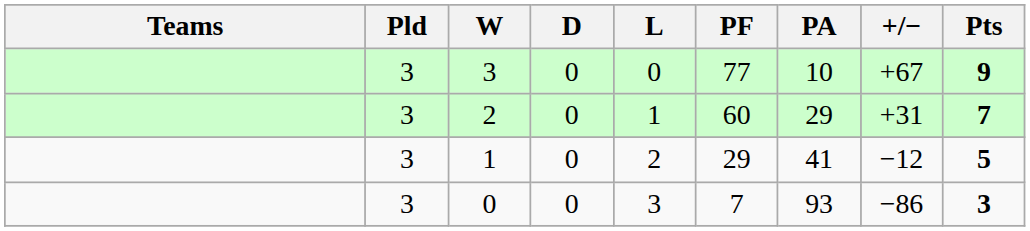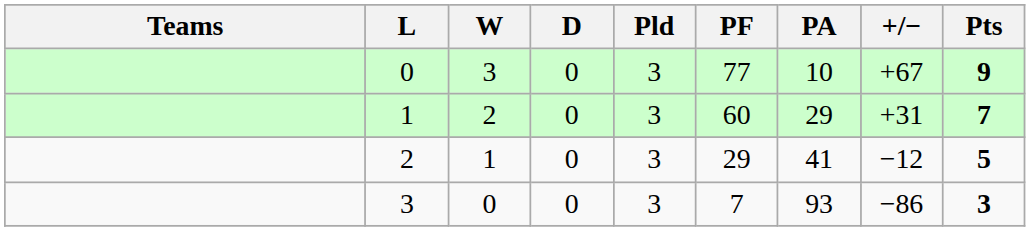 <table class="wikitable" style="text-align: center;">
 <tr>
 <th width="200">Teams</th>
-<th width="40">Pld</th>
+<th width="40">L</th>
 <th width="40">W</th>
 <th width="40">D</th>
-<th width="40">L</th>
+<th width="40">Pld</th>
 <th width="40">PF</th>
 <th width="40">PA</th>
 <th width="40">+/−</th>
 <th width="40">Pts</th>
 </tr>
 <tr bgcolor=ccffcc>
 <td align=left></td>
-<td>3</td>
+<td>0</td>
 <td>3</td>
 <td>0</td>
-<td>0</td>
+<td>3</td>
 <td>77</td>
 <td>10</td>
 <td>+67</td>
 <td><strong>9</strong></td>
 </tr>
 <tr bgcolor=ccffcc>
 <td align=left></td>
-<td>3</td>
+<td>1</td>
 <td>2</td>
 <td>0</td>
-<td>1</td>
+<td>3</td>
 <td>60</td>
 <td>29</td>
 <td>+31</td>
 <td><strong>7</strong></td>
 </tr>
 <tr>
 <td align=left></td>
-<td>3</td>
+<td>2</td>
 <td>1</td>
 <td>0</td>
-<td>2</td>
+<td>3</td>
 <td>29</td>
 <td>41</td>
 <td>−12</td>
 <td><strong>5</strong></td>
 </tr>
 <tr>
 <td align=left></td>
 <td>3</td>
 <td>0</td>
 <td>0</td>
 <td>3</td>
 <td>7</td>
 <td>93</td>
 <td>−86</td>
 <td><strong>3</strong></td>
 </tr>
 </table>
